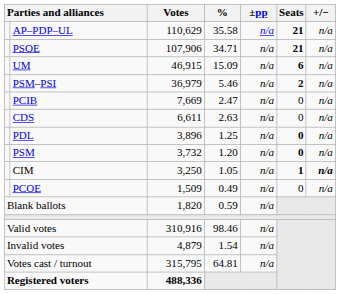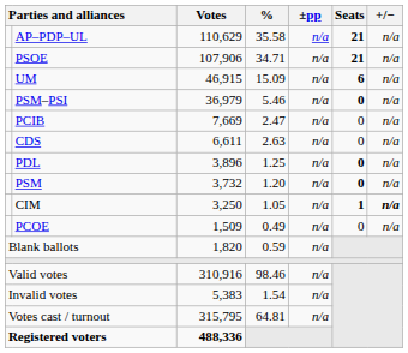 <table class="wikitable" style="text-align:right;">
 <tr>
 <th style="text-align:left;" colspan="2" width="200">Parties and alliances</th>
 <th width="75">Votes</th>
 <th width="45">%</th>
 <th width="45">±<a href='#'>pp</a></th>
 <th width="35">Seats</th>
 <th width="35">+/−</th>
 </tr>
 <tr>
 <td width="1" style="color:inherit;background:"></td>
 <td align="left"><a href='#'>AP–PDP–UL</a></td>
 <td>110,629</td>
 <td>35.58</td>
 <td><em><a href='#'>n/a</a></em></td>
 <td><strong>21</strong></td>
 <td><em>n/a</em></td>
 </tr>
 <tr>
 <td style="color:inherit;background:"></td>
 <td align="left"><a href='#'>PSOE</a></td>
 <td>107,906</td>
 <td>34.71</td>
 <td><em>n/a</em></td>
 <td><strong>21</strong></td>
 <td><em>n/a</em></td>
 </tr>
 <tr>
 <td style="color:inherit;background:"></td>
 <td align="left"><a href='#'>UM</a></td>
 <td>46,915</td>
 <td>15.09</td>
 <td><em>n/a</em></td>
 <td><strong>6</strong></td>
 <td><em>n/a</em></td>
 </tr>
 <tr>
 <td style="color:inherit;background:"></td>
 <td align="left"><a href='#'>PSM</a>–<a href='#'>PSI</a></td>
 <td>36,979</td>
 <td>5.46</td>
 <td><em>n/a</em></td>
-<td><strong>2</strong></td>
+<td><strong>0</strong></td>
 <td><em>n/a</em></td>
 </tr>
 <tr>
 <td style="color:inherit;background:"></td>
 <td align="left"><a href='#'>PCIB</a></td>
 <td>7,669</td>
 <td>2.47</td>
 <td><em>n/a</em></td>
 <td>0</td>
 <td><em>n/a</em></td>
 </tr>
 <tr>
 <td style="color:inherit;background:"></td>
 <td align="left"><a href='#'>CDS</a></td>
 <td>6,611</td>
 <td>2.63</td>
 <td><em>n/a</em></td>
 <td>0</td>
 <td><em>n/a</em></td>
 </tr>
 <tr>
 <td style="color:inherit;background:"></td>
 <td align="left"><a href='#'>PDL</a></td>
 <td>3,896</td>
 <td>1.25</td>
 <td><em>n/a</em></td>
 <td><strong>0</strong></td>
 <td><em>n/a</em></td>
 </tr>
 <tr>
 <td style="color:inherit;background:"></td>
 <td align="left"><a href='#'>PSM</a></td>
 <td>3,732</td>
 <td>1.20</td>
 <td><em>n/a</em></td>
 <td><strong>0</strong></td>
 <td><em>n/a</em></td>
 </tr>
 <tr>
 <td style="color:inherit;background:"></td>
 <td align="left">CIM</td>
 <td>3,250</td>
 <td>1.05</td>
 <td><em>n/a</em></td>
 <td><strong>1</strong></td>
 <td><strong><em>n/a</em></strong></td>
 </tr>
 <tr>
 <td style="color:inherit;background:"></td>
 <td align="left"><a href='#'>PCOE</a></td>
 <td>1,509</td>
 <td>0.49</td>
 <td><em>n/a</em></td>
 <td>0</td>
 <td><em>n/a</em></td>
 </tr>
 <tr>
 <td align="left" colspan="2">Blank ballots</td>
 <td>1,820</td>
 <td>0.59</td>
 <td><em>n/a</em></td>
 <td bgcolor="#E9E9E9" colspan="2"></td>
 </tr>
 <tr>
 <td colspan="7" bgcolor="#E9E9E9"></td>
 </tr>
 <tr>
 <td align="left" colspan="2">Valid votes</td>
 <td>310,916</td>
 <td>98.46</td>
 <td><em>n/a</em></td>
 <td bgcolor="#E9E9E9" colspan="2" rowspan="4"></td>
 </tr>
 <tr>
 <td align="left" colspan="2">Invalid votes</td>
-<td>4,879</td>
+<td>5,383</td>
 <td>1.54</td>
 <td><em>n/a</em></td>
 </tr>
 <tr>
 <td align="left" colspan="2">Votes cast / turnout</td>
 <td>315,795</td>
 <td>64.81</td>
 <td><em>n/a</em></td>
 </tr>
 <tr style="font-weight:bold;">
 <td align="left" colspan="2">Registered voters</td>
 <td>488,336</td>
 <td bgcolor="#E9E9E9" colspan="2"></td>
 </tr>
 </table>
